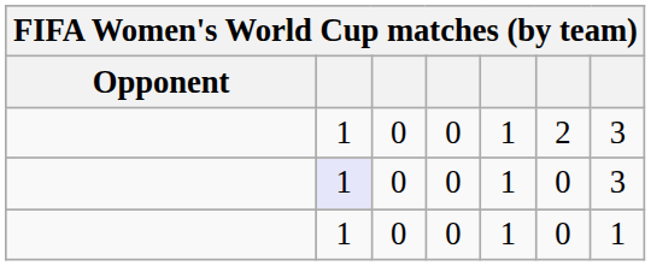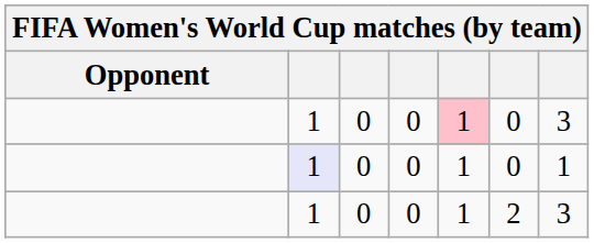 <table class="wikitable sortable" style="text-align: center;">
 <tr>
 <th colspan=7>FIFA Women's World Cup matches (by team)</th>
 </tr>
 <tr>
 <th>Opponent</th>
 <th style="width:20px;"></th>
 <th style="width:20px;"></th>
 <th style="width:20px;"></th>
 <th style="width:20px;"></th>
 <th style="width:20px;"></th>
 <th style="width:20px;"></th>
 </tr>
 <tr>
 <td align="left"></td>
 <td>1</td>
 <td>0</td>
 <td>0</td>
-<td>1</td>
-<td>2</td>
+<td style="background: pink;">1</td>
+<td>0</td>
 <td>3</td>
 </tr>
 <tr>
 <td align="left"></td>
 <td style="background: lavender;">1</td>
 <td>0</td>
 <td>0</td>
 <td>1</td>
 <td>0</td>
-<td>3</td>
+<td>1</td>
 </tr>
 <tr>
 <td align="left"></td>
 <td>1</td>
 <td>0</td>
 <td>0</td>
 <td>1</td>
-<td>0</td>
-<td>1</td>
+<td>2</td>
+<td>3</td>
 </tr>
 </table>
